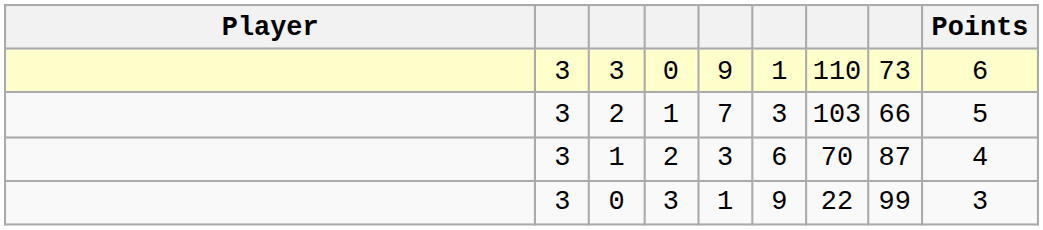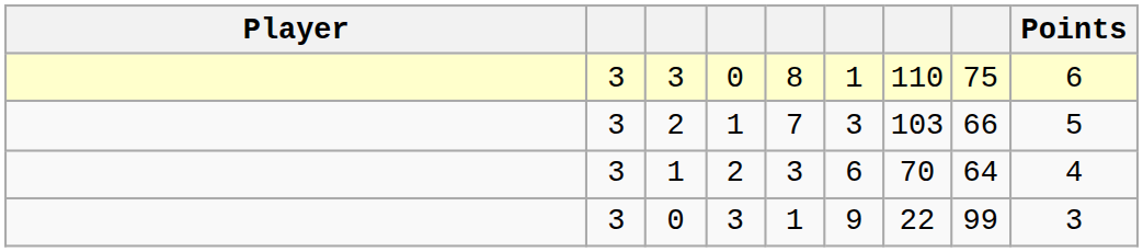 <table class="wikitable" style="text-align:center;">
 <tr>
 <th width="250">Player</th>
 <th width="20"></th>
 <th width="20"></th>
 <th width="20"></th>
 <th width="20"></th>
 <th width="20"></th>
 <th width="20"></th>
 <th width="20"></th>
 <th width="50">Points</th>
 </tr>
 <tr style="background-color:#ffffcc;">
 <td style="text-align:left;"></td>
 <td>3</td>
 <td>3</td>
 <td>0</td>
-<td>9</td>
+<td>8</td>
 <td>1</td>
 <td>110</td>
-<td>73</td>
+<td>75</td>
 <td>6</td>
 </tr>
 <tr>
 <td style="text-align:left;"></td>
 <td>3</td>
 <td>2</td>
 <td>1</td>
 <td>7</td>
 <td>3</td>
 <td>103</td>
 <td>66</td>
 <td>5</td>
 </tr>
 <tr>
 <td style="text-align:left;"></td>
 <td>3</td>
 <td>1</td>
 <td>2</td>
 <td>3</td>
 <td>6</td>
 <td>70</td>
-<td>87</td>
+<td>64</td>
 <td>4</td>
 </tr>
 <tr>
 <td style="text-align:left;"></td>
 <td>3</td>
 <td>0</td>
 <td>3</td>
 <td>1</td>
 <td>9</td>
 <td>22</td>
 <td>99</td>
 <td>3</td>
 </tr>
 </table>
